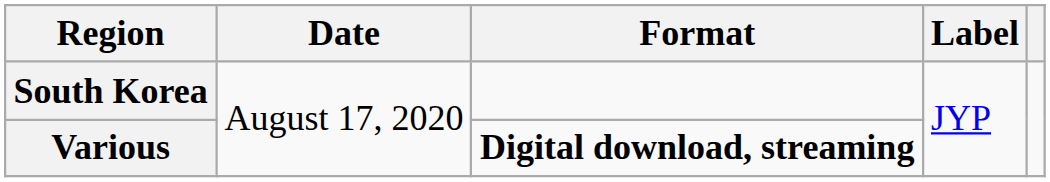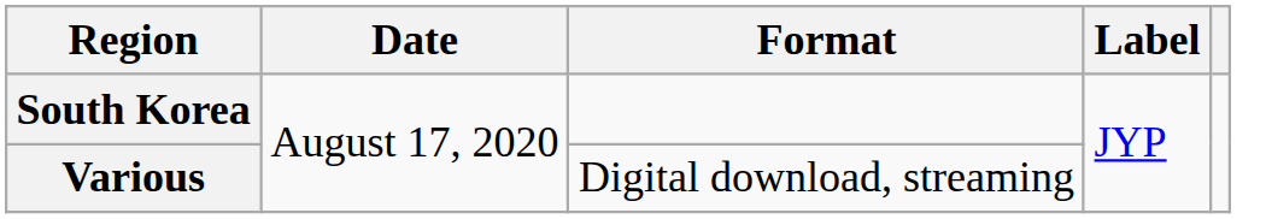 <table class="wikitable plainrowheaders">
 <tr>
 <th scope="col">Region</th>
 <th scope="col">Date</th>
 <th scope="col">Format</th>
 <th scope="col">Label</th>
 <th scope="col"></th>
 </tr>
 <tr>
 <th scope="row">South Korea</th>
 <td rowspan="2">August 17, 2020</td>
 <td></td>
 <td rowspan="2"><a href='#'>JYP</a></td>
 <td rowspan="2" style="text-align:center"></td>
 </tr>
 <tr>
 <th scope="row">Various</th>
-<td><strong>Digital download, streaming</strong></td>
+<td>Digital download, streaming</td>
 </tr>
 </table>
